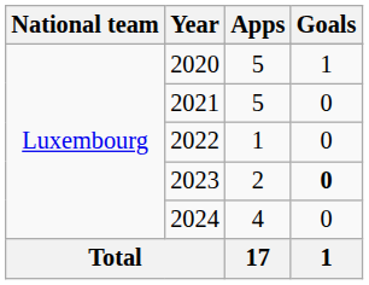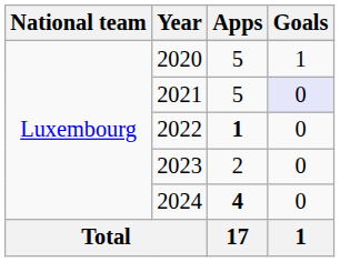 <table class="wikitable" style="text-align: center;">
 <tr>
 <th>National team</th>
 <th>Year</th>
 <th>Apps</th>
 <th>Goals</th>
 </tr>
 <tr>
 <td rowspan="6"><a href='#'>Luxembourg</a></td>
 </tr>
 <tr>
 <td>2020</td>
 <td>5</td>
 <td>1</td>
 </tr>
 <tr>
 <td>2021</td>
 <td>5</td>
-<td>0</td>
+<td style="background: lavender;">0</td>
 </tr>
 <tr>
 <td>2022</td>
-<td>1</td>
+<td><strong>1</strong></td>
 <td>0</td>
 </tr>
 <tr>
 <td>2023</td>
 <td>2</td>
-<td><strong>0</strong></td>
+<td>0</td>
 </tr>
 <tr>
 <td>2024</td>
-<td>4</td>
+<td><strong>4</strong></td>
 <td>0</td>
 </tr>
 <tr>
 <th colspan="2">Total</th>
 <th>17</th>
 <th>1</th>
 </tr>
 </table>
